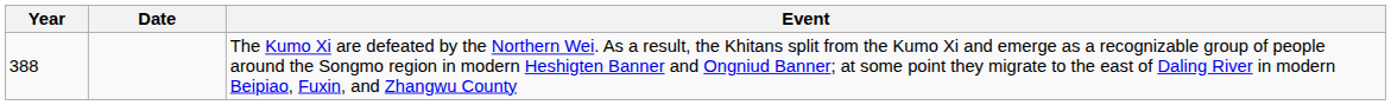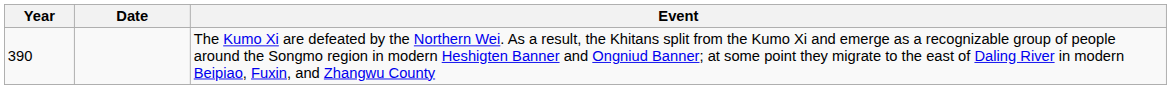 <table class="wikitable" width="100%">
 <tr>
 <th style="width:6%">Year</th>
 <th style="width:10%">Date</th>
 <th>Event</th>
 </tr>
 <tr>
-<td>388</td>
+<td>390</td>
 <td></td>
 <td>The <a href='#'>Kumo Xi</a> are defeated by the <a href='#'>Northern Wei</a>. As a result, the Khitans split from the Kumo Xi and emerge as a recognizable group of people around the Songmo region in modern <a href='#'>Heshigten Banner</a> and <a href='#'>Ongniud Banner</a>; at some point they migrate to the east of <a href='#'>Daling River</a> in modern <a href='#'>Beipiao</a>, <a href='#'>Fuxin</a>, and <a href='#'>Zhangwu County</a></td>
 </tr>
 </table>
